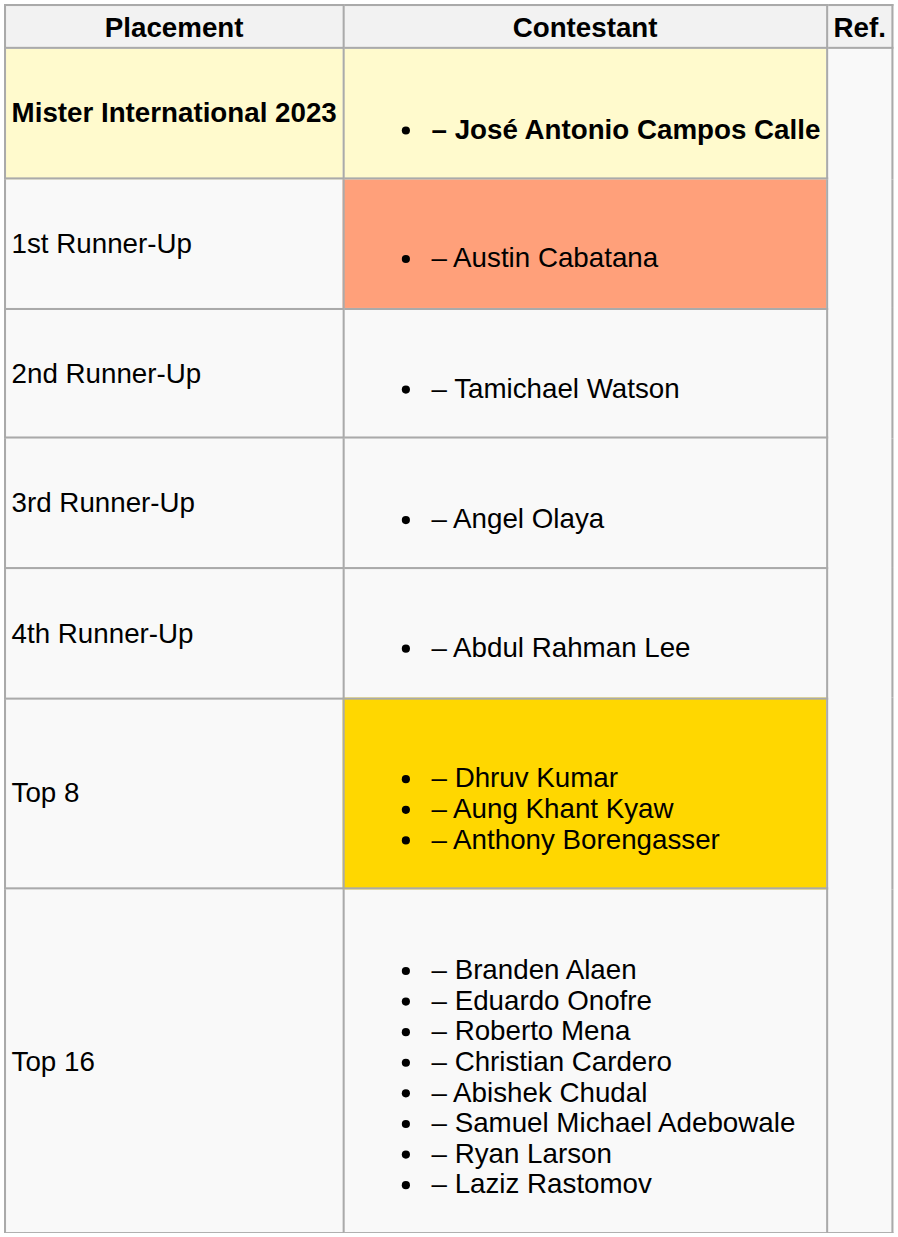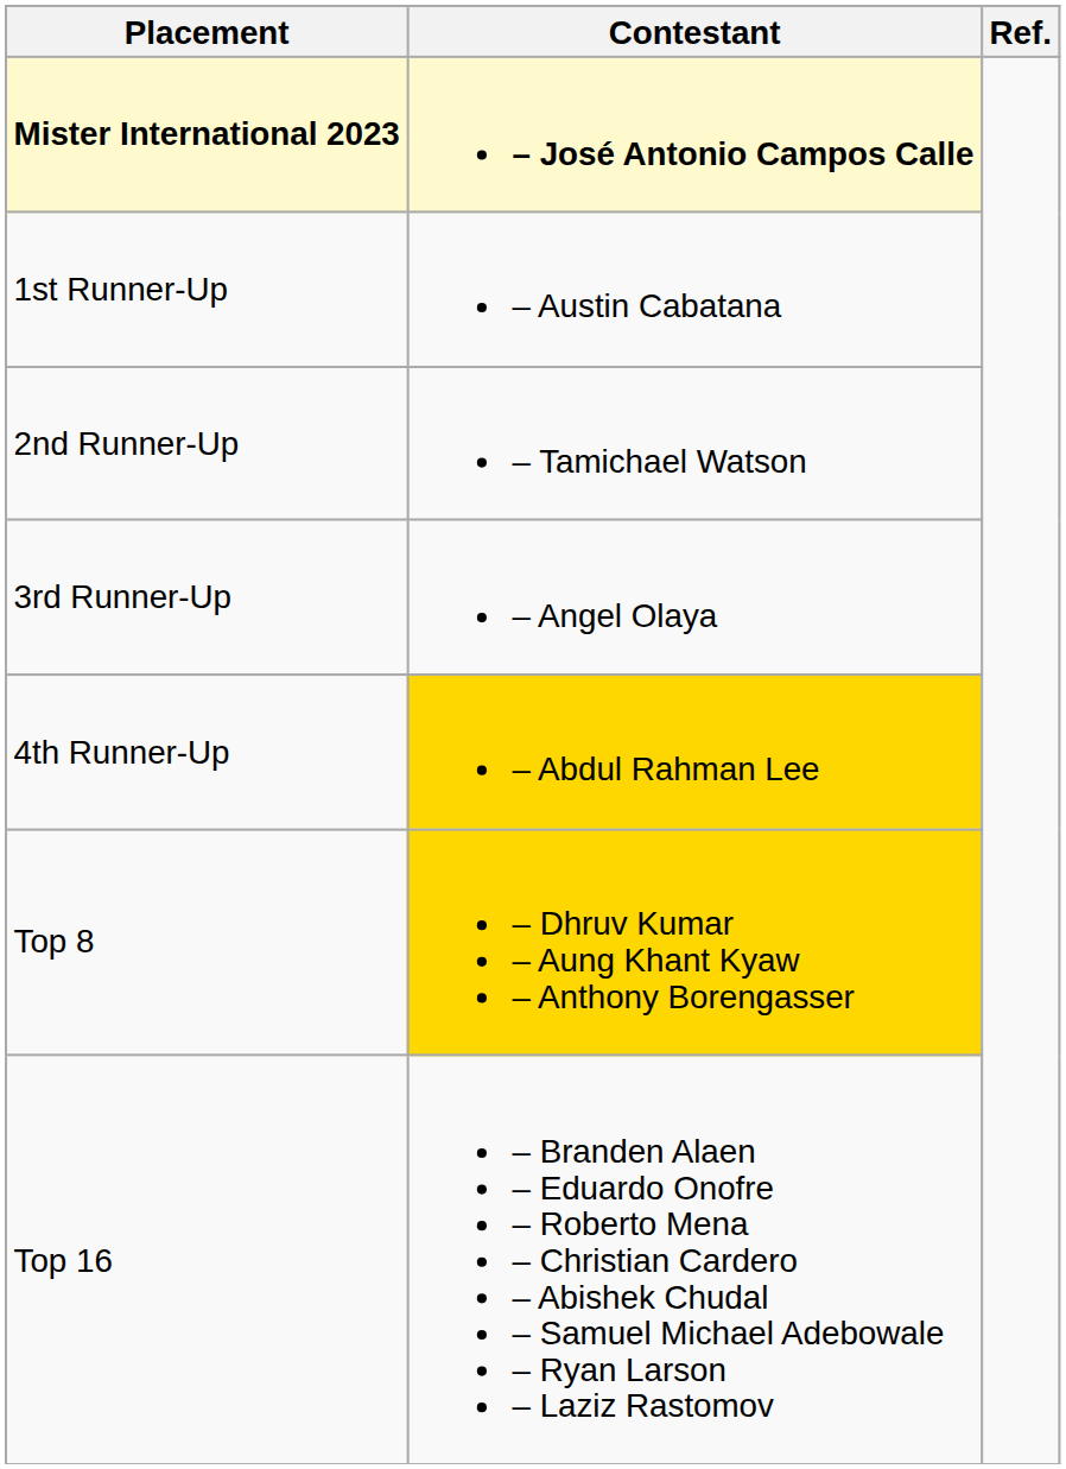 <table class="wikitable sortable" style="font-size: 85%;">
 <tr>
 <th>Placement</th>
 <th>Contestant</th>
 <th>Ref.</th>
 </tr>
 <tr>
 <td style="background:#FFFACD"><strong>Mister International 2023</strong></td>
 <td style="background:#FFFACD"><br><ul><li><strong> – José Antonio Campos Calle</strong></li></ul></td>
 <td rowspan="7"><br><br><br><br></td>
 </tr>
 <tr>
 <td>1st Runner-Up</td>
-<td style="background: lightsalmon;"><br><ul><li> – Austin Cabatana</li></ul></td>
+<td><br><ul><li> – Austin Cabatana</li></ul></td>
 </tr>
 <tr>
 <td>2nd Runner-Up</td>
 <td><br><ul><li> – Tamichael Watson</li></ul></td>
 </tr>
 <tr>
 <td>3rd Runner-Up</td>
 <td><br><ul><li> – Angel Olaya</li></ul></td>
 </tr>
 <tr>
 <td>4th Runner-Up</td>
-<td><br><ul><li> – Abdul Rahman Lee</li></ul></td>
+<td style="background: gold;"><br><ul><li> – Abdul Rahman Lee</li></ul></td>
 </tr>
 <tr>
 <td>Top 8</td>
 <td style="background: gold;"><br><ul><li> – Dhruv Kumar</li><li> – Aung Khant Kyaw</li><li> – Anthony Borengasser</li></ul></td>
 </tr>
 <tr>
 <td>Top 16</td>
 <td><br><ul><li> – Branden Alaen</li><li> – Eduardo Onofre</li><li> – Roberto Mena</li><li> – Christian Cardero</li><li> – Abishek Chudal</li><li> – Samuel Michael Adebowale</li><li> – Ryan Larson</li><li> – Laziz Rastomov</li></ul></td>
 </tr>
 </table>
